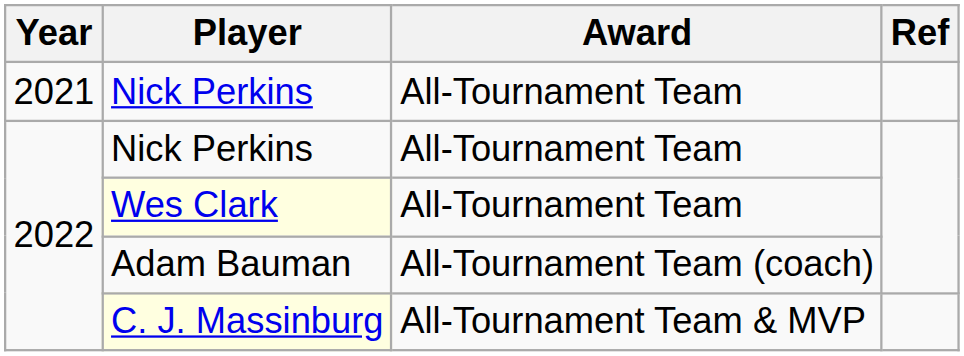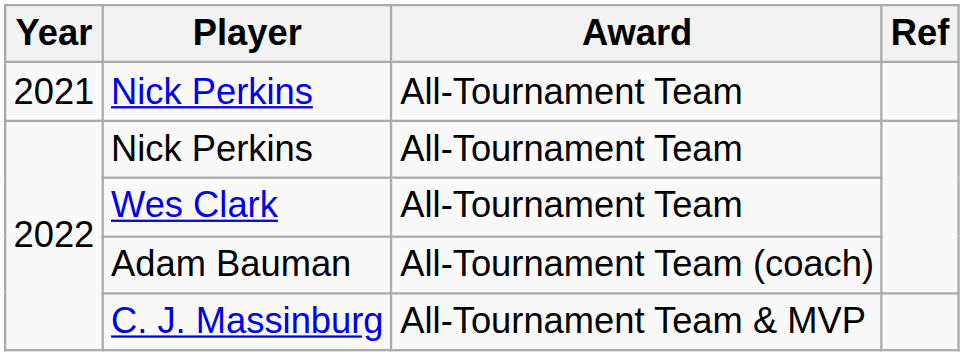 <table class="wikitable">
 <tr>
 <th>Year</th>
 <th>Player</th>
 <th>Award</th>
 <th>Ref</th>
 </tr>
 <tr>
 <td>2021</td>
 <td><a href='#'>Nick Perkins</a></td>
 <td>All-Tournament Team</td>
 <td></td>
 </tr>
 <tr>
 <td rowspan=4>2022</td>
 <td>Nick Perkins</td>
 <td>All-Tournament Team</td>
 <td rowspan=3></td>
 </tr>
 <tr>
-<td style="background: lightyellow;"><a href='#'>Wes Clark</a></td>
+<td><a href='#'>Wes Clark</a></td>
 <td>All-Tournament Team</td>
 </tr>
 <tr>
 <td>Adam Bauman</td>
 <td>All-Tournament Team (coach)</td>
 </tr>
 <tr>
-<td style="background: lightyellow;"><a href='#'>C. J. Massinburg</a></td>
+<td><a href='#'>C. J. Massinburg</a></td>
 <td>All-Tournament Team & MVP</td>
 <td></td>
 </tr>
 </table>
